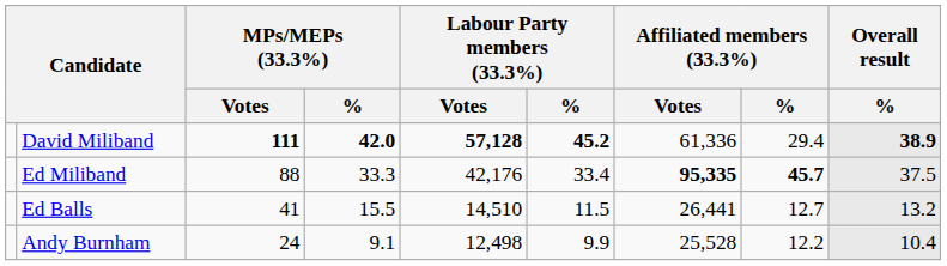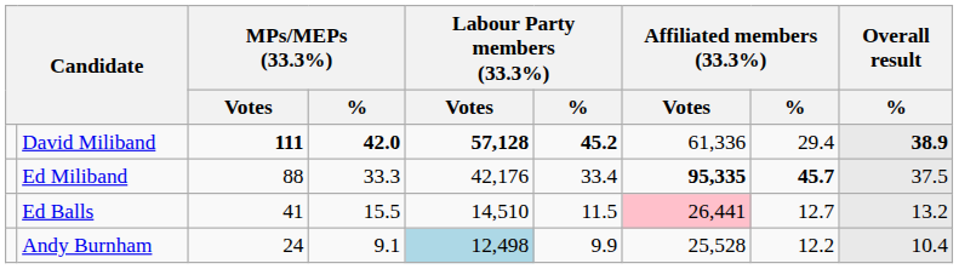 <table class="wikitable" style="font-size:95%;">
 <tr>
 <th colspan="2" scope="col" rowspan="2" style="width:125px;">Candidate</th>
 <th scope="col" colspan="2" style="width:150px;">MPs/MEPs <br> (33.3%)</th>
 <th scope="col" colspan="2" style="width:150px;">Labour Party members <br> (33.3%)</th>
 <th scope="col" colspan="2" style="width:150px;">Affiliated members <br> (33.3%)</th>
 <th scope="col" style="width:75px;">Overall result</th>
 </tr>
 <tr>
 <th>Votes</th>
 <th>%</th>
 <th>Votes</th>
 <th>%</th>
 <th>Votes</th>
 <th>%</th>
 <th>%</th>
 </tr>
 <tr style="text-align:right;">
 <td style="background-color: "></td>
 <td scope="row" style="text-align:left;"><a href='#'>David Miliband</a></td>
 <td><strong>111</strong></td>
 <td><strong>42.0</strong></td>
 <td><strong>57,128</strong></td>
 <td><strong>45.2</strong></td>
 <td>61,336</td>
 <td>29.4</td>
 <td style="background:#e9e9e9;"><strong>38.9</strong></td>
 </tr>
 <tr style="text-align:right;">
 <td style="background-color: "></td>
 <td scope="row" style="text-align:left;"><a href='#'>Ed Miliband</a></td>
 <td>88</td>
 <td>33.3</td>
 <td>42,176</td>
 <td>33.4</td>
 <td><strong>95,335</strong></td>
 <td><strong>45.7</strong></td>
 <td style="background:#e9e9e9;">37.5</td>
 </tr>
 <tr style="text-align:right;">
 <td style="background-color: "></td>
 <td scope="row" style="text-align:left;"><a href='#'>Ed Balls</a></td>
 <td>41</td>
 <td>15.5</td>
 <td>14,510</td>
 <td>11.5</td>
-<td>26,441</td>
+<td style="background: pink;">26,441</td>
 <td>12.7</td>
 <td style="background:#e9e9e9;">13.2</td>
 </tr>
 <tr style="text-align:right;">
 <td style="background-color: "></td>
 <td scope="row" style="text-align:left;"><a href='#'>Andy Burnham</a> </td>
 <td>24</td>
 <td>9.1</td>
-<td>12,498</td>
+<td style="background: lightblue;">12,498</td>
 <td>9.9</td>
 <td>25,528</td>
 <td>12.2</td>
 <td style="background:#e9e9e9;">10.4</td>
 </tr>
 </table>
